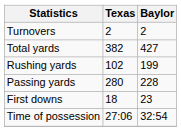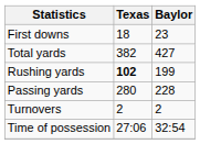 <table class="wikitable" style="float: left;">
 <tr>
 <th>Statistics</th>
 <th>Texas</th>
 <th>Baylor</th>
 </tr>
 <tr>
-<td>Turnovers</td>
-<td>2</td>
-<td>2</td>
+<td>First downs</td>
+<td>18</td>
+<td>23</td>
 </tr>
 <tr>
 <td>Total yards</td>
 <td>382</td>
 <td>427</td>
 </tr>
 <tr>
 <td>Rushing yards</td>
-<td>102</td>
+<td><strong>102</strong></td>
 <td>199</td>
 </tr>
 <tr>
 <td>Passing yards</td>
 <td>280</td>
 <td>228</td>
 </tr>
 <tr>
-<td>First downs</td>
-<td>18</td>
-<td>23</td>
+<td>Turnovers</td>
+<td>2</td>
+<td>2</td>
 </tr>
 <tr>
 <td>Time of possession</td>
 <td>27:06</td>
 <td>32:54</td>
 </tr>
 <tr>
 </tr>
 </table>
